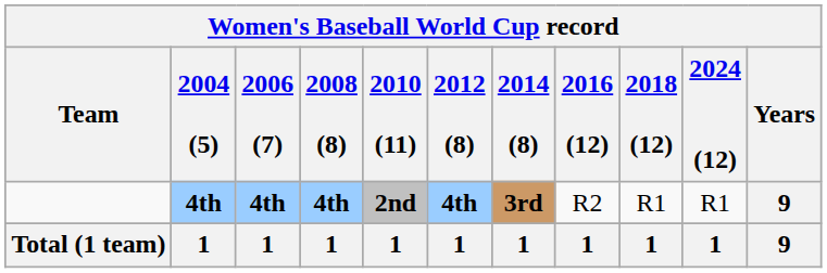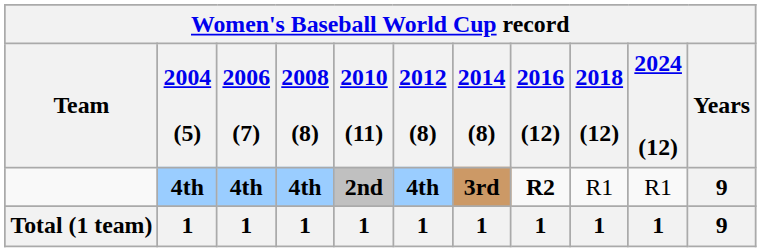 <table class="wikitable" style="text-align:center; font-size:85%;">
 <tr>
 <th colspan=26><a href='#'>Women's Baseball World Cup</a> record</th>
 </tr>
 <tr>
 <th>Team</th>
 <th><a href='#'>2004</a><br><br>(5)</th>
 <th><a href='#'>2006</a><br><br>(7)</th>
 <th><a href='#'>2008</a><br><br>(8)</th>
 <th><a href='#'>2010</a><br><br>(11)</th>
 <th><a href='#'>2012</a><br><br>(8)</th>
 <th><a href='#'>2014</a><br><br>(8)</th>
 <th><a href='#'>2016</a><br><br>(12)</th>
 <th><a href='#'>2018</a><br><br>(12)</th>
 <th><a href='#'>2024</a><br><br><br>(12)</th>
 <th>Years</th>
 </tr>
 <tr>
 <td align=left></td>
 <td style="background:#9acdff;"><strong>4th</strong></td>
 <td style="background:#9acdff;"><strong>4th</strong></td>
 <td style="background:#9acdff;"><strong>4th</strong></td>
 <td style="background:Silver;"><strong>2nd</strong></td>
 <td style="background:#9acdff;"><strong>4th</strong></td>
 <td style="background:#c96;"><strong>3rd</strong></td>
-<td>R2</td>
+<td><strong>R2</strong></td>
 <td>R1</td>
 <td>R1</td>
 <th>9</th>
 </tr>
 <tr>
 <th>Total (1 team)</th>
 <th>1</th>
 <th>1</th>
 <th>1</th>
 <th>1</th>
 <th>1</th>
 <th>1</th>
 <th>1</th>
 <th>1</th>
 <th>1</th>
 <th>9</th>
 </tr>
 </table>
